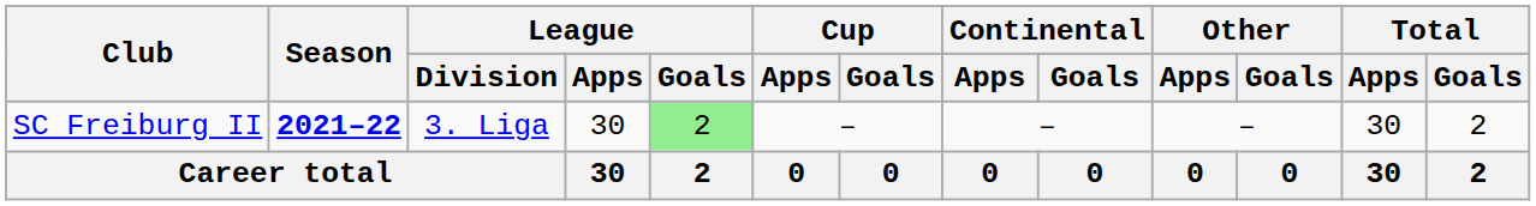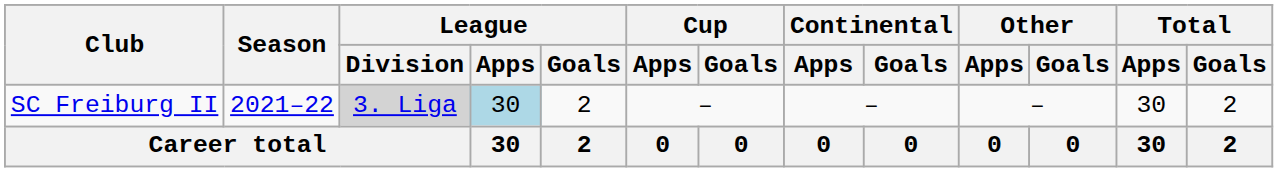 <table class="wikitable" style="text-align:center">
 <tr>
 <th rowspan="2">Club</th>
 <th rowspan="2">Season</th>
 <th colspan="3">League</th>
 <th colspan="2">Cup</th>
 <th colspan="2">Continental</th>
 <th colspan="2">Other</th>
 <th colspan="2">Total</th>
 </tr>
 <tr>
 <th>Division</th>
 <th>Apps</th>
 <th>Goals</th>
 <th>Apps</th>
 <th>Goals</th>
 <th>Apps</th>
 <th>Goals</th>
 <th>Apps</th>
 <th>Goals</th>
 <th>Apps</th>
 <th>Goals</th>
 </tr>
 <tr>
 <td><a href='#'>SC Freiburg II</a></td>
-<td><strong><a href='#'>2021–22</a></strong></td>
-<td><a href='#'>3. Liga</a></td>
-<td>30</td>
-<td style="background: lightgreen;">2</td>
+<td><a href='#'>2021–22</a></td>
+<td style="background: lightgrey;"><a href='#'>3. Liga</a></td>
+<td style="background: lightblue;">30</td>
+<td>2</td>
 <td colspan="2">–</td>
 <td colspan="2">–</td>
 <td colspan="2">–</td>
 <td>30</td>
 <td>2</td>
 </tr>
 <tr>
 <th colspan="3">Career total</th>
 <th>30</th>
 <th>2</th>
 <th>0</th>
 <th>0</th>
 <th>0</th>
 <th>0</th>
 <th>0</th>
 <th>0</th>
 <th>30</th>
 <th>2</th>
 </tr>
 </table>
